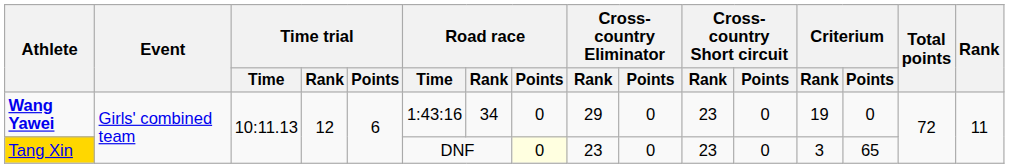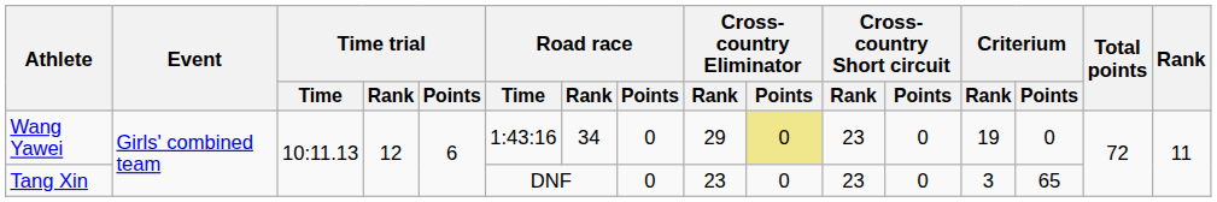 <table class="wikitable" style="font-size:90%;">
 <tr>
 <th rowspan=2>Athlete</th>
 <th rowspan=2>Event</th>
 <th colspan=3>Time trial</th>
 <th colspan=3>Road race</th>
 <th colspan=2>Cross-country<br>Eliminator</th>
 <th colspan=2>Cross-country<br>Short circuit</th>
 <th colspan=2>Criterium</th>
 <th rowspan=2>Total<br>points</th>
 <th rowspan=2>Rank</th>
 </tr>
 <tr style="font-size:95%">
 <th>Time</th>
 <th>Rank</th>
 <th>Points</th>
 <th>Time</th>
 <th>Rank</th>
 <th>Points</th>
 <th>Rank</th>
 <th>Points</th>
 <th>Rank</th>
 <th>Points</th>
 <th>Rank</th>
 <th>Points</th>
 </tr>
 <tr align=center>
-<td align=left><strong><a href='#'>Wang Yawei</a></strong></td>
+<td align=left><a href='#'>Wang Yawei</a></td>
 <td rowspan=2 align=left><a href='#'>Girls' combined team</a></td>
 <td rowspan=2>10:11.13</td>
 <td rowspan=2>12</td>
 <td rowspan=2>6</td>
 <td>1:43:16</td>
 <td>34</td>
 <td>0</td>
 <td>29</td>
-<td>0</td>
+<td style="background: khaki;">0</td>
 <td>23</td>
 <td>0</td>
 <td>19</td>
 <td>0</td>
 <td rowspan=2>72</td>
 <td rowspan=2>11</td>
 </tr>
 <tr align=center>
-<td align=left style="background: gold;"><a href='#'>Tang Xin</a></td>
+<td align=left><a href='#'>Tang Xin</a></td>
 <td colspan=2>DNF</td>
-<td style="background: lightyellow;">0</td>
+<td>0</td>
 <td>23</td>
 <td>0</td>
 <td>23</td>
 <td>0</td>
 <td>3</td>
 <td>65</td>
 </tr>
 </table>
